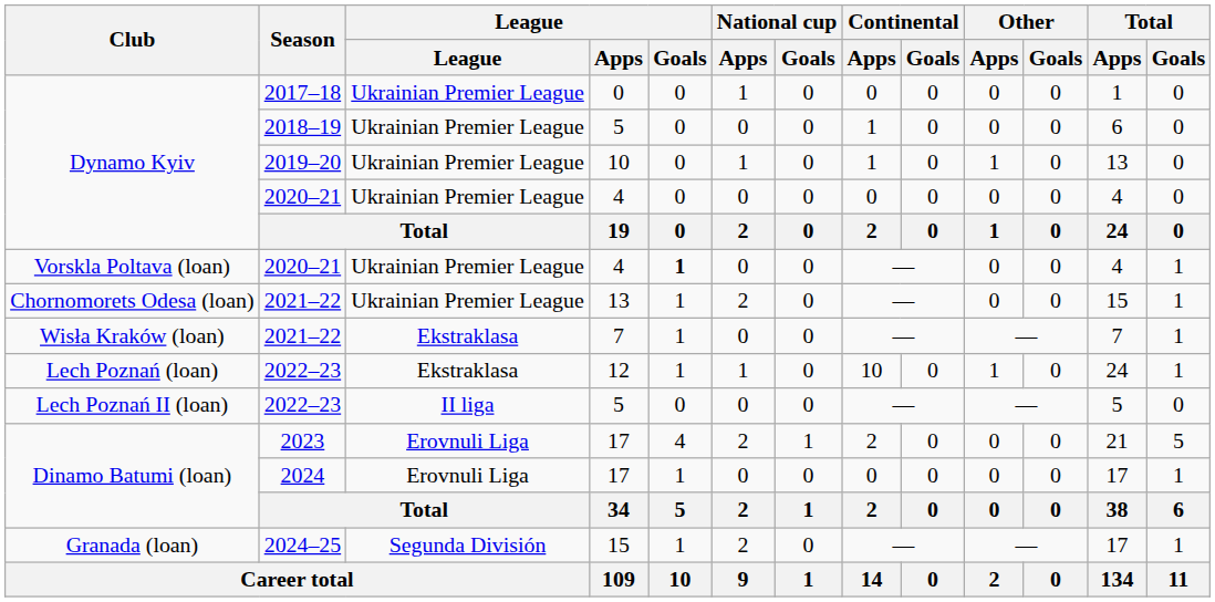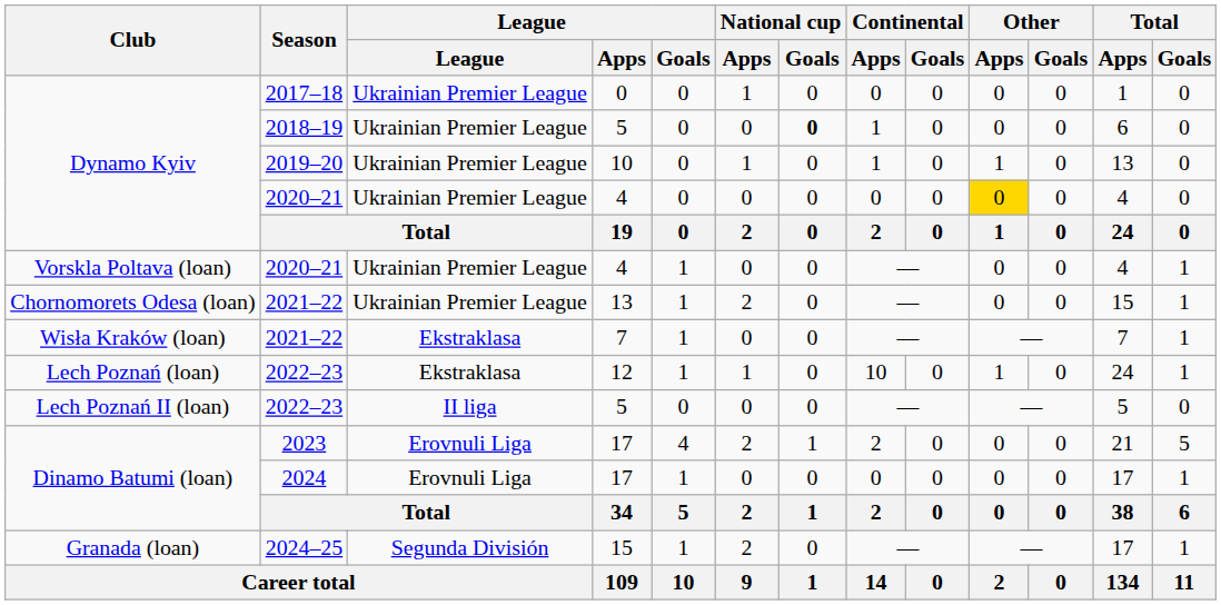 <table class="wikitable" style="text-align:center">
 <tr>
 <th rowspan="2">Club</th>
 <th rowspan="2">Season</th>
 <th colspan="3">League</th>
 <th colspan="2">National cup</th>
 <th colspan="2">Continental</th>
 <th colspan="2">Other</th>
 <th colspan="2">Total</th>
 </tr>
 <tr>
 <th>League</th>
 <th>Apps</th>
 <th>Goals</th>
 <th>Apps</th>
 <th>Goals</th>
 <th>Apps</th>
 <th>Goals</th>
 <th>Apps</th>
 <th>Goals</th>
 <th>Apps</th>
 <th>Goals</th>
 </tr>
 <tr>
 <td rowspan="5"><a href='#'>Dynamo Kyiv</a></td>
 <td><a href='#'>2017–18</a></td>
 <td><a href='#'>Ukrainian Premier League</a></td>
 <td>0</td>
 <td>0</td>
 <td>1</td>
 <td>0</td>
 <td>0</td>
 <td>0</td>
 <td>0</td>
 <td>0</td>
 <td>1</td>
 <td>0</td>
 </tr>
 <tr>
 <td><a href='#'>2018–19</a></td>
 <td>Ukrainian Premier League</td>
 <td>5</td>
 <td>0</td>
 <td>0</td>
-<td>0</td>
+<td><strong>0</strong></td>
 <td>1</td>
 <td>0</td>
 <td>0</td>
 <td>0</td>
 <td>6</td>
 <td>0</td>
 </tr>
 <tr>
 <td><a href='#'>2019–20</a></td>
 <td>Ukrainian Premier League</td>
 <td>10</td>
 <td>0</td>
 <td>1</td>
 <td>0</td>
 <td>1</td>
 <td>0</td>
 <td>1</td>
 <td>0</td>
 <td>13</td>
 <td>0</td>
 </tr>
 <tr>
 <td><a href='#'>2020–21</a></td>
 <td>Ukrainian Premier League</td>
 <td>4</td>
 <td>0</td>
 <td>0</td>
 <td>0</td>
 <td>0</td>
 <td>0</td>
-<td>0</td>
+<td style="background: gold;">0</td>
 <td>0</td>
 <td>4</td>
 <td>0</td>
 </tr>
 <tr>
 <th colspan="2">Total</th>
 <th>19</th>
 <th>0</th>
 <th>2</th>
 <th>0</th>
 <th>2</th>
 <th>0</th>
 <th>1</th>
 <th>0</th>
 <th>24</th>
 <th>0</th>
 </tr>
 <tr>
 <td><a href='#'>Vorskla Poltava</a> (loan)</td>
 <td><a href='#'>2020–21</a></td>
 <td>Ukrainian Premier League</td>
 <td>4</td>
-<td><strong>1</strong></td>
+<td>1</td>
 <td>0</td>
 <td>0</td>
 <td colspan="2">—</td>
 <td>0</td>
 <td>0</td>
 <td>4</td>
 <td>1</td>
 </tr>
 <tr>
 <td><a href='#'>Chornomorets Odesa</a> (loan)</td>
 <td><a href='#'>2021–22</a></td>
 <td>Ukrainian Premier League</td>
 <td>13</td>
 <td>1</td>
 <td>2</td>
 <td>0</td>
 <td colspan="2">—</td>
 <td>0</td>
 <td>0</td>
 <td>15</td>
 <td>1</td>
 </tr>
 <tr>
 <td><a href='#'>Wisła Kraków</a> (loan)</td>
 <td><a href='#'>2021–22</a></td>
 <td><a href='#'>Ekstraklasa</a></td>
 <td>7</td>
 <td>1</td>
 <td>0</td>
 <td>0</td>
 <td colspan="2">—</td>
 <td colspan="2">—</td>
 <td>7</td>
 <td>1</td>
 </tr>
 <tr>
 <td><a href='#'>Lech Poznań</a> (loan)</td>
 <td><a href='#'>2022–23</a></td>
 <td>Ekstraklasa</td>
 <td>12</td>
 <td>1</td>
 <td>1</td>
 <td>0</td>
 <td>10</td>
 <td>0</td>
 <td>1</td>
 <td>0</td>
 <td>24</td>
 <td>1</td>
 </tr>
 <tr>
 <td><a href='#'>Lech Poznań II</a> (loan)</td>
 <td><a href='#'>2022–23</a></td>
 <td><a href='#'>II liga</a></td>
 <td>5</td>
 <td>0</td>
 <td>0</td>
 <td>0</td>
 <td colspan="2">—</td>
 <td colspan="2">—</td>
 <td>5</td>
 <td>0</td>
 </tr>
 <tr>
 <td rowspan="3"><a href='#'>Dinamo Batumi</a> (loan)</td>
 <td><a href='#'>2023</a></td>
 <td><a href='#'>Erovnuli Liga</a></td>
 <td>17</td>
 <td>4</td>
 <td>2</td>
 <td>1</td>
 <td>2</td>
 <td>0</td>
 <td>0</td>
 <td>0</td>
 <td>21</td>
 <td>5</td>
 </tr>
 <tr>
 <td><a href='#'>2024</a></td>
 <td>Erovnuli Liga</td>
 <td>17</td>
 <td>1</td>
 <td>0</td>
 <td>0</td>
 <td>0</td>
 <td>0</td>
 <td>0</td>
 <td>0</td>
 <td>17</td>
 <td>1</td>
 </tr>
 <tr>
 <th colspan="2">Total</th>
 <th>34</th>
 <th>5</th>
 <th>2</th>
 <th>1</th>
 <th>2</th>
 <th>0</th>
 <th>0</th>
 <th>0</th>
 <th>38</th>
 <th>6</th>
 </tr>
 <tr>
 <td><a href='#'>Granada</a> (loan)</td>
 <td><a href='#'>2024–25</a></td>
 <td><a href='#'>Segunda División</a></td>
 <td>15</td>
 <td>1</td>
 <td>2</td>
 <td>0</td>
 <td colspan="2">—</td>
 <td colspan="2">—</td>
 <td>17</td>
 <td>1</td>
 </tr>
 <tr>
 <th colspan="3">Career total</th>
 <th>109</th>
 <th>10</th>
 <th>9</th>
 <th>1</th>
 <th>14</th>
 <th>0</th>
 <th>2</th>
 <th>0</th>
 <th>134</th>
 <th>11</th>
 </tr>
 </table>
